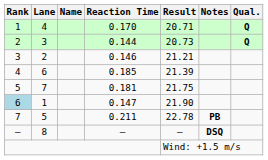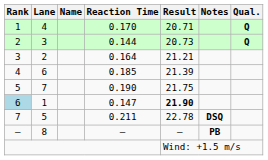 <table class="wikitable" style="text-align:center">
 <tr>
 <th>Rank</th>
 <th>Lane</th>
 <th>Name</th>
 <th>Reaction Time</th>
 <th>Result</th>
 <th>Notes</th>
 <th>Qual.</th>
 </tr>
 <tr bgcolor=ccffcc>
 <td>1</td>
 <td>4</td>
 <td align="left"></td>
 <td>0.170</td>
 <td>20.71</td>
 <td></td>
 <td><strong>Q</strong></td>
 </tr>
 <tr bgcolor=ccffcc>
 <td>2</td>
 <td>3</td>
 <td align="left"></td>
 <td>0.144</td>
 <td>20.73</td>
 <td></td>
 <td><strong>Q</strong></td>
 </tr>
 <tr>
 <td>3</td>
 <td>2</td>
 <td align="left"></td>
-<td>0.146</td>
+<td>0.164</td>
 <td>21.21</td>
 <td></td>
 <td></td>
 </tr>
 <tr>
 <td>4</td>
 <td>6</td>
 <td align="left"></td>
 <td>0.185</td>
 <td>21.39</td>
 <td></td>
 <td></td>
 </tr>
 <tr>
 <td>5</td>
 <td>7</td>
 <td align="left"></td>
-<td>0.181</td>
+<td>0.190</td>
 <td>21.75</td>
 <td></td>
 <td></td>
 </tr>
 <tr>
 <td style="background: lightblue;">6</td>
 <td>1</td>
 <td align="left"></td>
 <td>0.147</td>
-<td>21.90</td>
+<td><strong>21.90</strong></td>
 <td></td>
 <td></td>
 </tr>
 <tr>
 <td>7</td>
 <td>5</td>
 <td align="left"></td>
 <td>0.211</td>
 <td>22.78</td>
-<td><strong>PB</strong></td>
+<td><strong>DSQ</strong></td>
 <td></td>
 </tr>
 <tr>
 <td>–</td>
 <td>8</td>
 <td align="left"></td>
 <td>–</td>
 <td>–</td>
-<td><strong>DSQ</strong></td>
+<td><strong>PB</strong></td>
 <td></td>
 </tr>
 <tr class="sortbottom">
 <td colspan=4></td>
 <td colspan="3" style="text-align:left;">Wind: +1.5 m/s</td>
 </tr>
 </table>
